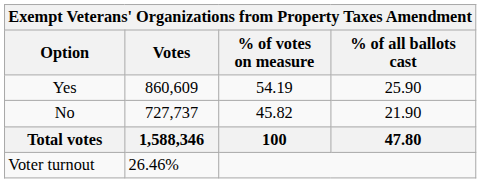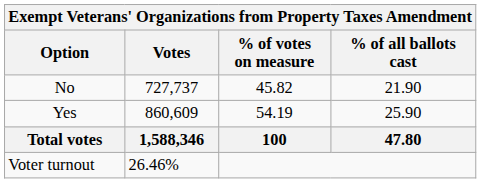 <table class="wikitable">
 <tr>
 <th colspan=4 text align=center>Exempt Veterans' Organizations from Property Taxes Amendment</th>
 </tr>
 <tr>
 <th>Option</th>
 <th>Votes</th>
 <th>% of votes<br>on measure</th>
 <th>% of all ballots<br>cast</th>
 </tr>
 <tr>
+<td text align=center>No</td>
+<td text align=center>727,737</td>
+<td text align=center>45.82</td>
+<td text align=center>21.90</td>
+</tr>
+<tr>
 <td text align=center>Yes</td>
 <td text align=center>860,609</td>
 <td text align=center>54.19</td>
 <td text align=center>25.90</td>
-</tr>
-<tr>
-<td text align=center>No</td>
-<td text align=center>727,737</td>
-<td text align=center>45.82</td>
-<td text align=center>21.90</td>
 </tr>
 <tr>
 <th text align=center>Total votes</th>
 <th text align=center><strong>1,588,346</strong></th>
 <th text align=center><strong>100</strong></th>
 <th text align=center><strong>47.80</strong></th>
 </tr>
 <tr>
 <td>Voter turnout</td>
 <td>26.46%</td>
 </tr>
 </table>
